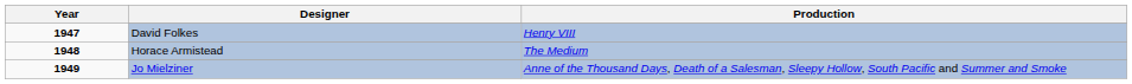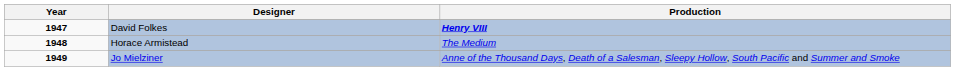 <table class="wikitable" style="width:98%;">
 <tr style="background:#bebebe;">
 <th style="width:11%;">Year</th>
 <th style="width:35%;">Designer</th>
 <th style="width:54%;">Production</th>
 </tr>
 <tr>
 <td rowspan="2" align="center"><strong>1947</strong><br></td>
 </tr>
 <tr style="background:#B0C4DE">
 <td>David Folkes</td>
-<td><em><a href='#'>Henry VIII</a></em></td>
+<td><strong><em><a href='#'>Henry VIII</a></em></strong></td>
 </tr>
 <tr>
 <td rowspan="2" align="center"><strong>1948</strong><br></td>
 </tr>
 <tr style="background:#B0C4DE">
 <td>Horace Armistead</td>
 <td><em><a href='#'>The Medium</a></em></td>
 </tr>
 <tr>
 <td rowspan="2" align="center"><strong>1949</strong><br></td>
 </tr>
 <tr style="background:#B0C4DE">
 <td><a href='#'>Jo Mielziner</a></td>
 <td><em><a href='#'>Anne of the Thousand Days</a></em>, <em><a href='#'>Death of a Salesman</a></em>, <em><a href='#'>Sleepy Hollow</a></em>, <em><a href='#'>South Pacific</a></em> and <em><a href='#'>Summer and Smoke</a></em></td>
 </tr>
 </table>
